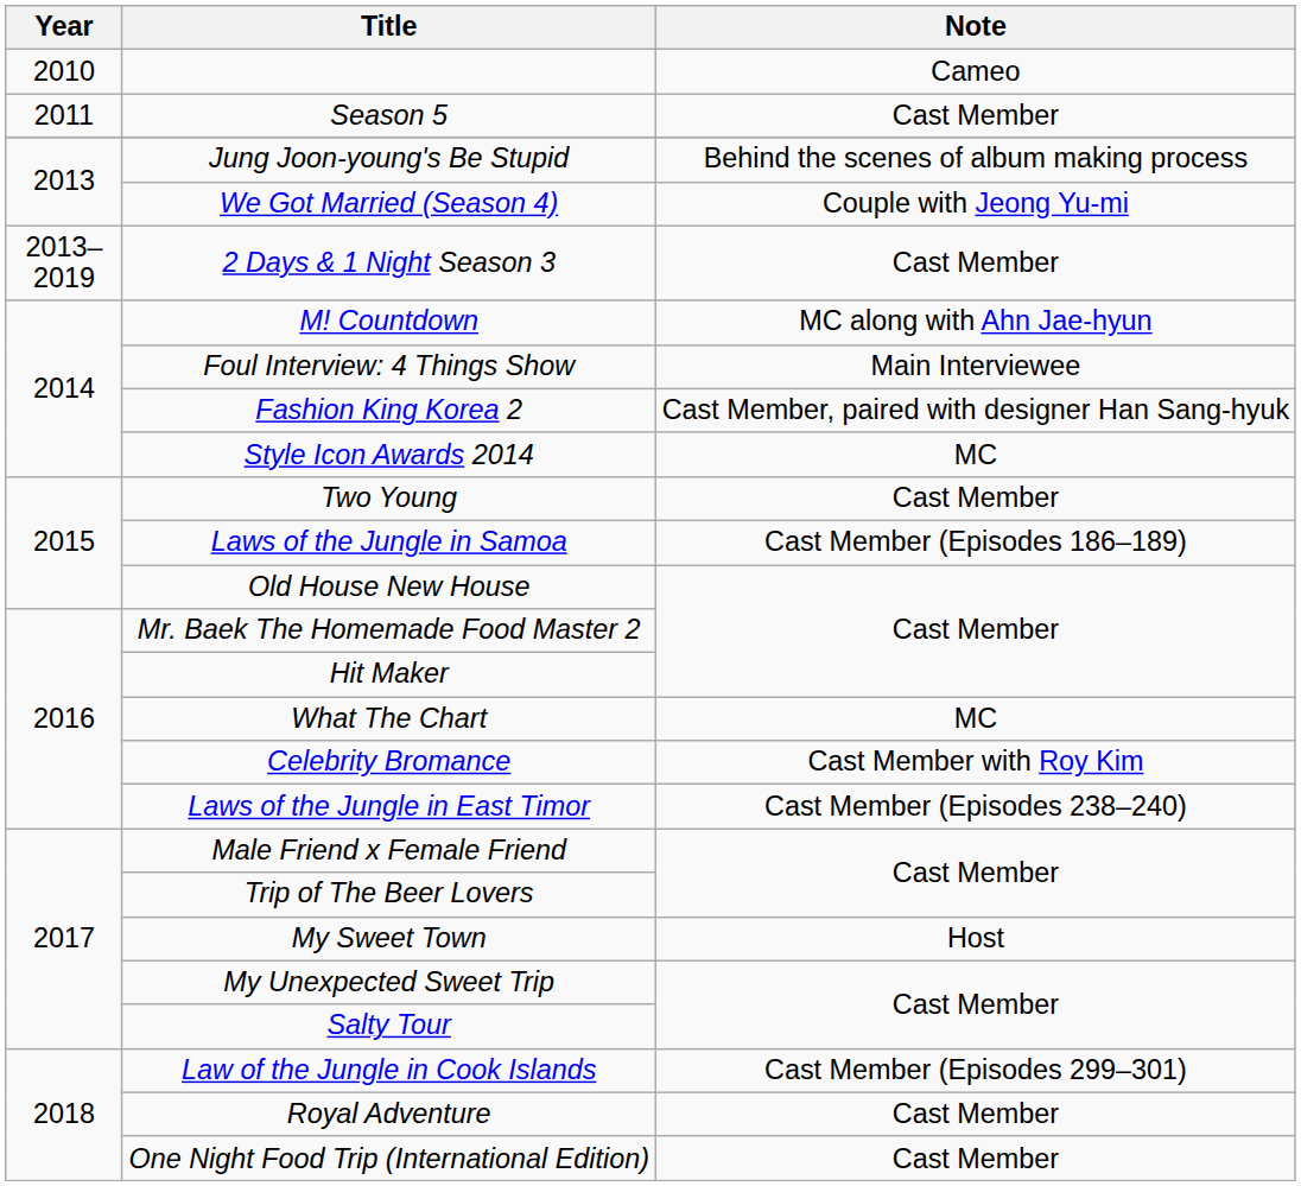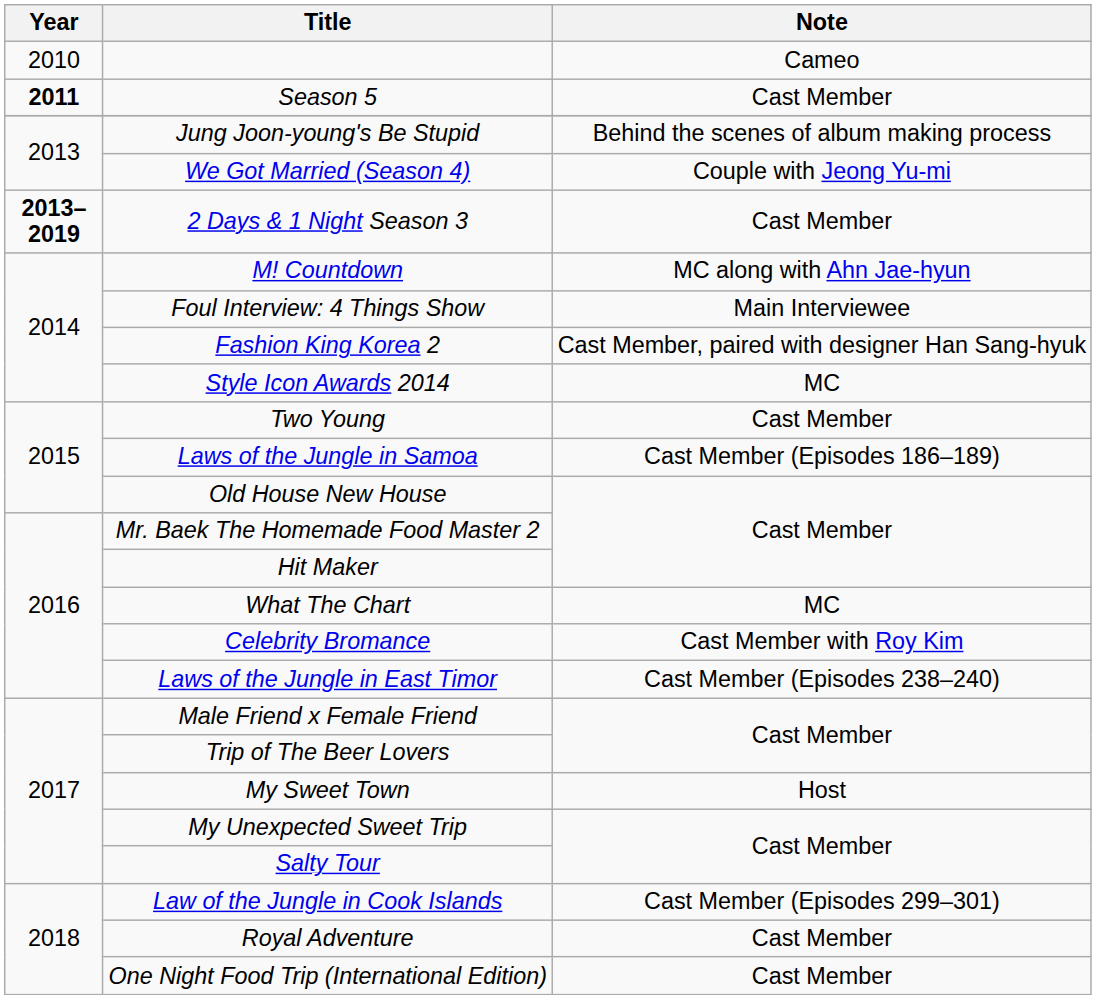 <table class="wikitable" style="text-align: center">
 <tr>
 <th style="width:60px;">Year</th>
 <th>Title</th>
 <th>Note</th>
 </tr>
 <tr>
 <td>2010</td>
 <td><em> </em></td>
 <td>Cameo</td>
 </tr>
 <tr>
-<td>2011</td>
+<td><strong>2011</strong></td>
 <td><em> Season 5</em></td>
 <td>Cast Member</td>
 </tr>
 <tr 2012 || >
 </tr>
 <tr>
 <td rowspan="2">2013</td>
 <td><em>Jung Joon-young's Be Stupid</em></td>
 <td>Behind the scenes of album making process</td>
 </tr>
 <tr>
 <td><em><a href='#'>We Got Married (Season 4)</a></em></td>
 <td>Couple with <a href='#'>Jeong Yu-mi</a></td>
 </tr>
 <tr>
-<td>2013–2019</td>
+<td><strong>2013–2019</strong></td>
 <td><em><a href='#'>2 Days & 1 Night</a> Season 3</em></td>
 <td>Cast Member</td>
 </tr>
 <tr>
 <td rowspan="4">2014</td>
 <td><a href='#'><em>M! Countdown</em></a></td>
 <td>MC along with <a href='#'>Ahn Jae-hyun</a></td>
 </tr>
 <tr>
 <td><em>Foul Interview: 4 Things Show</em></td>
 <td>Main Interviewee</td>
 </tr>
 <tr>
 <td><em><a href='#'>Fashion King Korea</a> 2</em></td>
 <td>Cast Member, paired with designer Han Sang-hyuk</td>
 </tr>
 <tr>
 <td><em><a href='#'>Style Icon Awards</a> 2014</em></td>
 <td>MC</td>
 </tr>
 <tr>
 <td rowspan="3">2015</td>
 <td><em>Two Young</em></td>
 <td>Cast Member</td>
 </tr>
 <tr>
 <td><em><a href='#'>Laws of the Jungle in Samoa</a></em></td>
 <td>Cast Member (Episodes 186–189)</td>
 </tr>
 <tr>
 <td><em>Old House New House</em></td>
 <td rowspan="3">Cast Member</td>
 </tr>
 <tr>
 <td rowspan="5">2016</td>
 <td><em>Mr. Baek The Homemade Food Master 2</em></td>
 </tr>
 <tr>
 <td><em>Hit Maker</em></td>
 </tr>
 <tr>
 <td><em>What The Chart</em></td>
 <td>MC</td>
 </tr>
 <tr>
 <td><em><a href='#'>Celebrity Bromance</a></em></td>
 <td>Cast Member with <a href='#'>Roy Kim</a></td>
 </tr>
 <tr>
 <td><em><a href='#'>Laws of the Jungle in East Timor</a></em></td>
 <td>Cast Member (Episodes 238–240)</td>
 </tr>
 <tr>
 <td rowspan="5">2017</td>
 <td><em>Male Friend x Female Friend</em></td>
 <td rowspan="2">Cast Member</td>
 </tr>
 <tr>
 <td><em>Trip of The Beer Lovers</em></td>
 </tr>
 <tr>
 <td><em>My Sweet Town</em></td>
 <td>Host</td>
 </tr>
 <tr>
 <td><em>My Unexpected Sweet Trip</em></td>
 <td rowspan="2">Cast Member</td>
 </tr>
 <tr>
 <td><em><a href='#'>Salty Tour</a></em></td>
 </tr>
 <tr>
 <td rowspan="3">2018</td>
 <td><em><a href='#'>Law of the Jungle in Cook Islands</a></em></td>
 <td>Cast Member (Episodes 299–301)</td>
 </tr>
 <tr>
 <td><em>Royal Adventure</em></td>
 <td>Cast Member</td>
 </tr>
 <tr>
 <td><em>One Night Food Trip (International Edition)</em></td>
 <td>Cast Member</td>
 </tr>
 </table>
